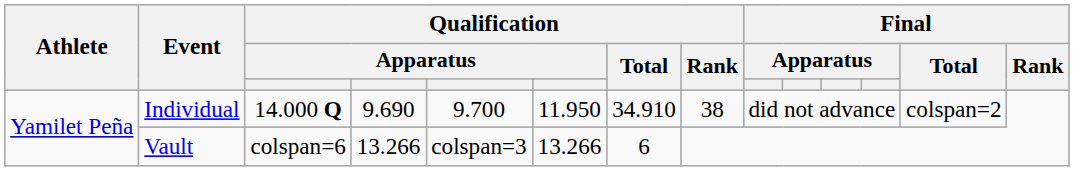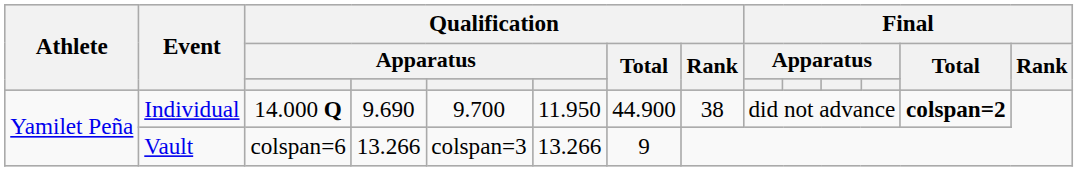 <table class="wikitable" style="font-size:90%">
 <tr>
 <th rowspan=3>Athlete</th>
 <th rowspan=3>Event</th>
 <th colspan=6>Qualification</th>
 <th colspan=6>Final</th>
 </tr>
 <tr style="font-size:95%">
 <th colspan=4>Apparatus</th>
 <th rowspan=2>Total</th>
 <th rowspan=2>Rank</th>
 <th colspan=4>Apparatus</th>
 <th rowspan=2>Total</th>
 <th rowspan=2>Rank</th>
 </tr>
 <tr style="font-size:95%">
 <th></th>
 <th></th>
 <th></th>
 <th></th>
 <th></th>
 <th></th>
 <th></th>
 <th></th>
 </tr>
 <tr align=center>
 <td rowspan=2 align=left><a href='#'>Yamilet Peña</a></td>
 <td align=left><a href='#'>Individual</a></td>
 <td>14.000 <strong>Q</strong></td>
 <td>9.690</td>
 <td>9.700</td>
 <td>11.950</td>
-<td>34.910</td>
+<td>44.900</td>
 <td>38</td>
 <td colspan=4>did not advance</td>
-<td>colspan=2 </td>
+<td><strong>colspan=2 </strong></td>
 </tr>
 <tr align=center>
 <td align=left><a href='#'>Vault</a></td>
 <td>colspan=6 </td>
 <td>13.266</td>
 <td>colspan=3 </td>
 <td>13.266</td>
-<td>6</td>
+<td>9</td>
 </tr>
 </table>
